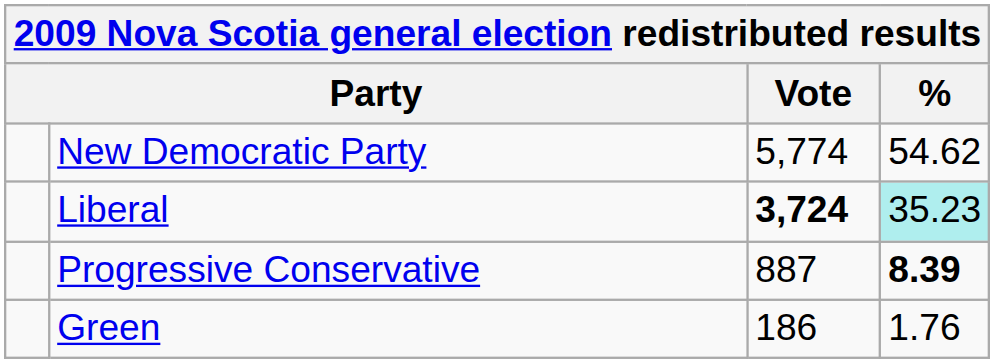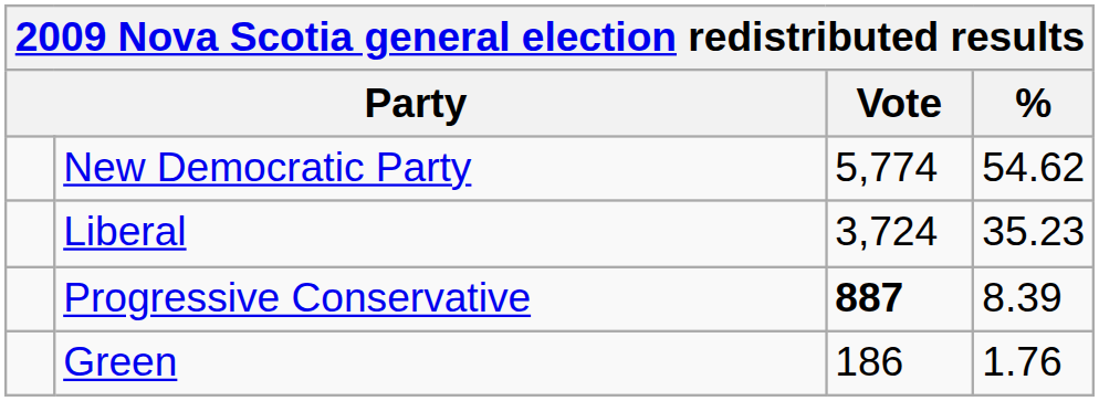 <table class="wikitable">
 <tr>
 <th colspan="4"><a href='#'>2009 Nova Scotia general election</a> redistributed results</th>
 </tr>
 <tr>
 <th bgcolor="#DDDDFF" width="230px" colspan="2">Party</th>
 <th bgcolor="#DDDDFF" width="50px">Vote</th>
 <th bgcolor="#DDDDFF" width="30px">%</th>
 </tr>
 <tr>
 <td> </td>
 <td><a href='#'>New Democratic Party</a></td>
 <td>5,774</td>
 <td>54.62</td>
 </tr>
 <tr>
 <td> </td>
 <td><a href='#'>Liberal</a></td>
-<td><strong>3,724</strong></td>
-<td style="background: paleturquoise;">35.23</td>
+<td>3,724</td>
+<td>35.23</td>
 </tr>
 <tr>
 <td> </td>
 <td><a href='#'>Progressive Conservative</a></td>
-<td>887</td>
-<td><strong>8.39</strong></td>
+<td><strong>887</strong></td>
+<td>8.39</td>
 </tr>
 <tr>
 <td> </td>
 <td><a href='#'>Green</a></td>
 <td>186</td>
 <td>1.76</td>
 </tr>
 </table>
